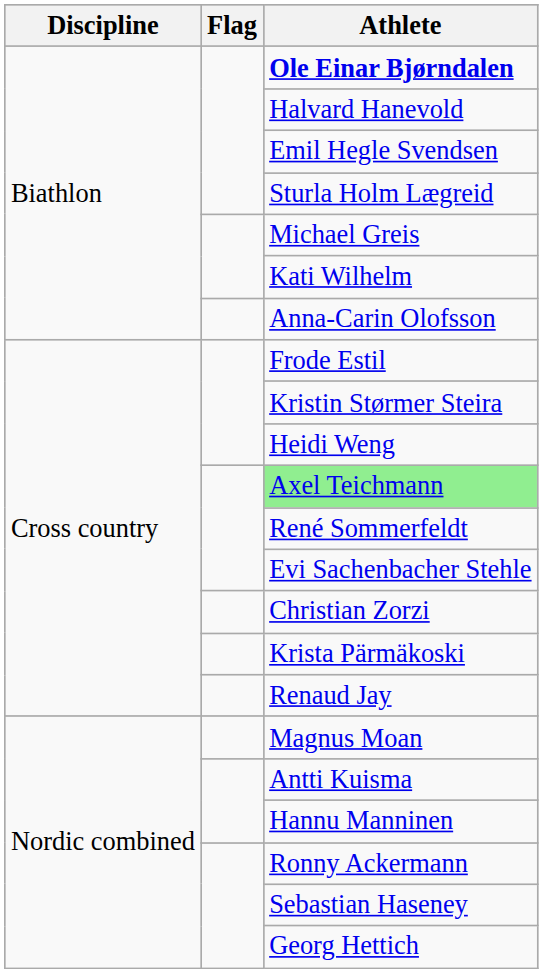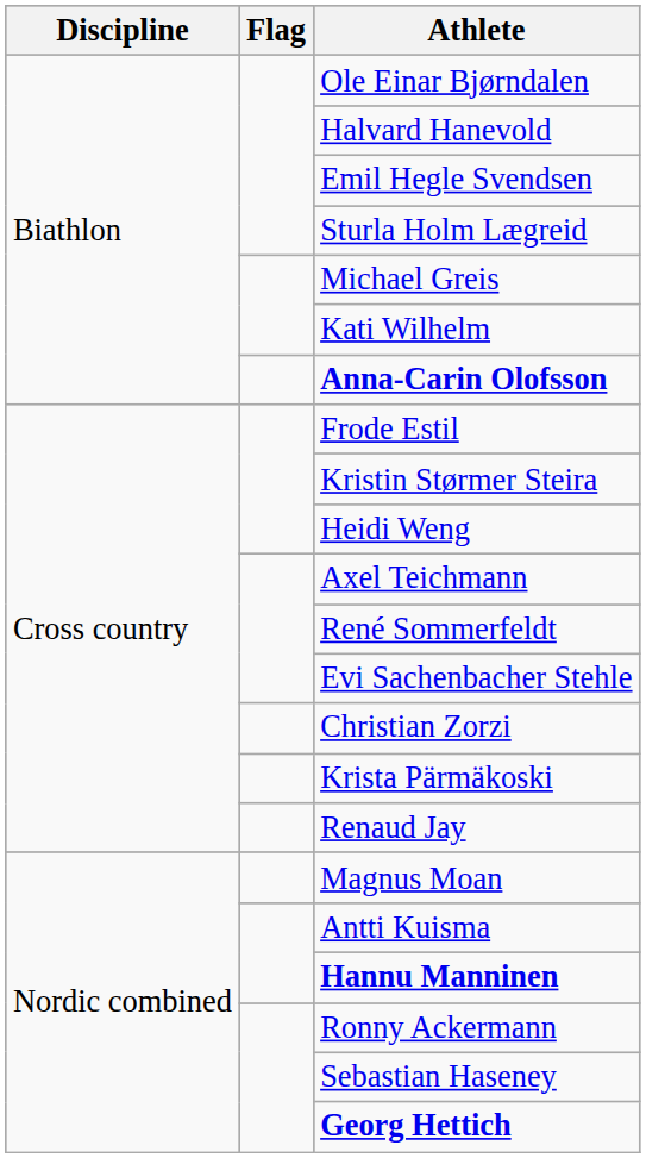 <table class="wikitable" border="1">
 <tr>
 <th>Discipline</th>
 <th>Flag</th>
 <th>Athlete</th>
 </tr>
 <tr>
 <td rowspan=7>Biathlon</td>
 <td rowspan=4></td>
-<td><strong><a href='#'>Ole Einar Bjørndalen</a></strong></td>
+<td><a href='#'>Ole Einar Bjørndalen</a></td>
 </tr>
 <tr>
 <td><a href='#'>Halvard Hanevold</a></td>
 </tr>
 <tr>
 <td><a href='#'>Emil Hegle Svendsen</a></td>
 </tr>
 <tr>
 <td><a href='#'>Sturla Holm Lægreid</a></td>
 </tr>
 <tr>
 <td rowspan=2></td>
 <td><a href='#'>Michael Greis</a></td>
 </tr>
 <tr>
 <td><a href='#'>Kati Wilhelm</a></td>
 </tr>
 <tr>
 <td></td>
-<td><a href='#'>Anna-Carin Olofsson</a></td>
+<td><strong><a href='#'>Anna-Carin Olofsson</a></strong></td>
 </tr>
 <tr>
 <td rowspan=9>Cross country</td>
 <td rowspan=3></td>
 <td><a href='#'>Frode Estil</a></td>
 </tr>
 <tr>
 <td><a href='#'>Kristin Størmer Steira</a></td>
 </tr>
 <tr>
 <td><a href='#'>Heidi Weng</a></td>
 </tr>
 <tr>
 <td rowspan=3></td>
-<td style="background: lightgreen;"><a href='#'>Axel Teichmann</a></td>
+<td><a href='#'>Axel Teichmann</a></td>
 </tr>
 <tr>
 <td><a href='#'>René Sommerfeldt</a></td>
 </tr>
 <tr>
 <td><a href='#'>Evi Sachenbacher Stehle</a></td>
 </tr>
 <tr>
 <td></td>
 <td><a href='#'>Christian Zorzi</a></td>
 </tr>
 <tr>
 <td></td>
 <td><a href='#'>Krista Pärmäkoski</a></td>
 </tr>
 <tr>
 <td></td>
 <td><a href='#'>Renaud Jay</a></td>
 </tr>
 <tr>
 <td rowspan=6>Nordic combined</td>
 <td></td>
 <td><a href='#'>Magnus Moan</a></td>
 </tr>
 <tr>
 <td rowspan=2></td>
 <td><a href='#'>Antti Kuisma</a></td>
 </tr>
 <tr>
-<td><a href='#'>Hannu Manninen</a></td>
+<td><strong><a href='#'>Hannu Manninen</a></strong></td>
 </tr>
 <tr>
 <td rowspan=3></td>
 <td><a href='#'>Ronny Ackermann</a></td>
 </tr>
 <tr>
 <td><a href='#'>Sebastian Haseney</a></td>
 </tr>
 <tr>
-<td><a href='#'>Georg Hettich</a></td>
+<td><strong><a href='#'>Georg Hettich</a></strong></td>
 </tr>
 </table>
